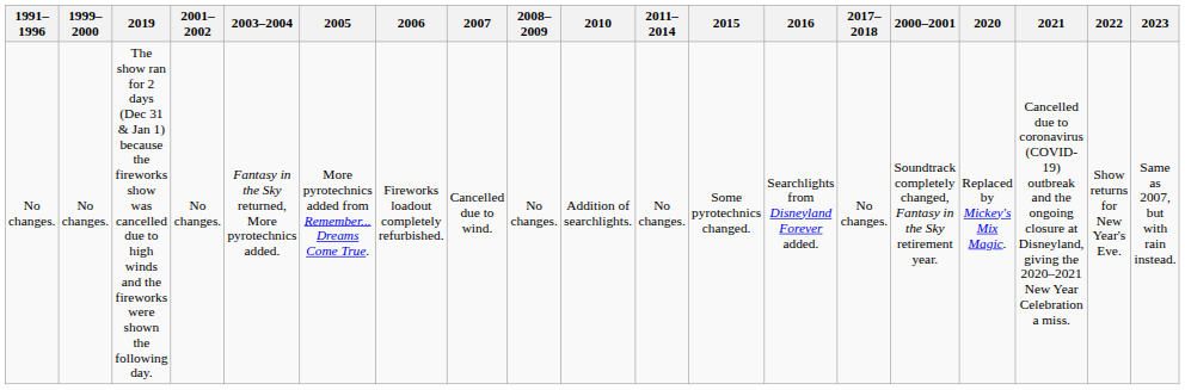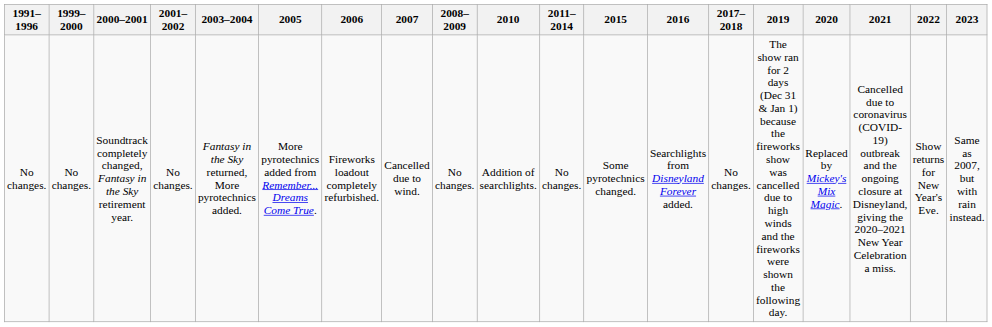 <table class="wikitable" style="text-align:center">
 <tr>
 <th>1991–1996</th>
 <th>1999–2000</th>
-<th>2019</th>
+<th>2000–2001</th>
 <th>2001–2002</th>
 <th>2003–2004</th>
 <th>2005</th>
 <th>2006</th>
 <th>2007</th>
 <th>2008–2009</th>
 <th>2010</th>
 <th>2011–2014</th>
 <th>2015</th>
 <th>2016</th>
 <th>2017–2018</th>
-<th>2000–2001</th>
+<th>2019</th>
 <th>2020</th>
 <th>2021</th>
 <th>2022</th>
 <th>2023</th>
 </tr>
 <tr>
 <td>No changes.</td>
 <td>No changes.</td>
-<td>The show ran for 2 days (Dec 31 & Jan 1) because the fireworks show was cancelled due to high winds and the fireworks were shown the following day.</td>
+<td>Soundtrack completely changed, <em>Fantasy in the Sky</em> retirement year.</td>
 <td>No changes.</td>
 <td><em>Fantasy in the Sky</em> returned, More pyrotechnics added.</td>
 <td>More pyrotechnics added from <em><a href='#'>Remember... Dreams Come True</a></em>.</td>
 <td>Fireworks loadout completely refurbished.</td>
 <td>Cancelled due to wind.</td>
 <td>No changes.</td>
 <td>Addition of searchlights.</td>
 <td>No changes.</td>
 <td>Some pyrotechnics changed.</td>
 <td>Searchlights from <em><a href='#'>Disneyland Forever</a></em> added.</td>
 <td>No changes.</td>
-<td>Soundtrack completely changed, <em>Fantasy in the Sky</em> retirement year.</td>
+<td>The show ran for 2 days (Dec 31 & Jan 1) because the fireworks show was cancelled due to high winds and the fireworks were shown the following day.</td>
 <td>Replaced by <em><a href='#'>Mickey's Mix Magic</a></em>.</td>
 <td>Cancelled due to coronavirus (COVID-19) outbreak and the ongoing closure at Disneyland, giving the 2020–2021 New Year Celebration a miss.</td>
 <td>Show returns for New Year's Eve.</td>
 <td>Same as 2007, but with rain instead.</td>
 </tr>
 </table>
